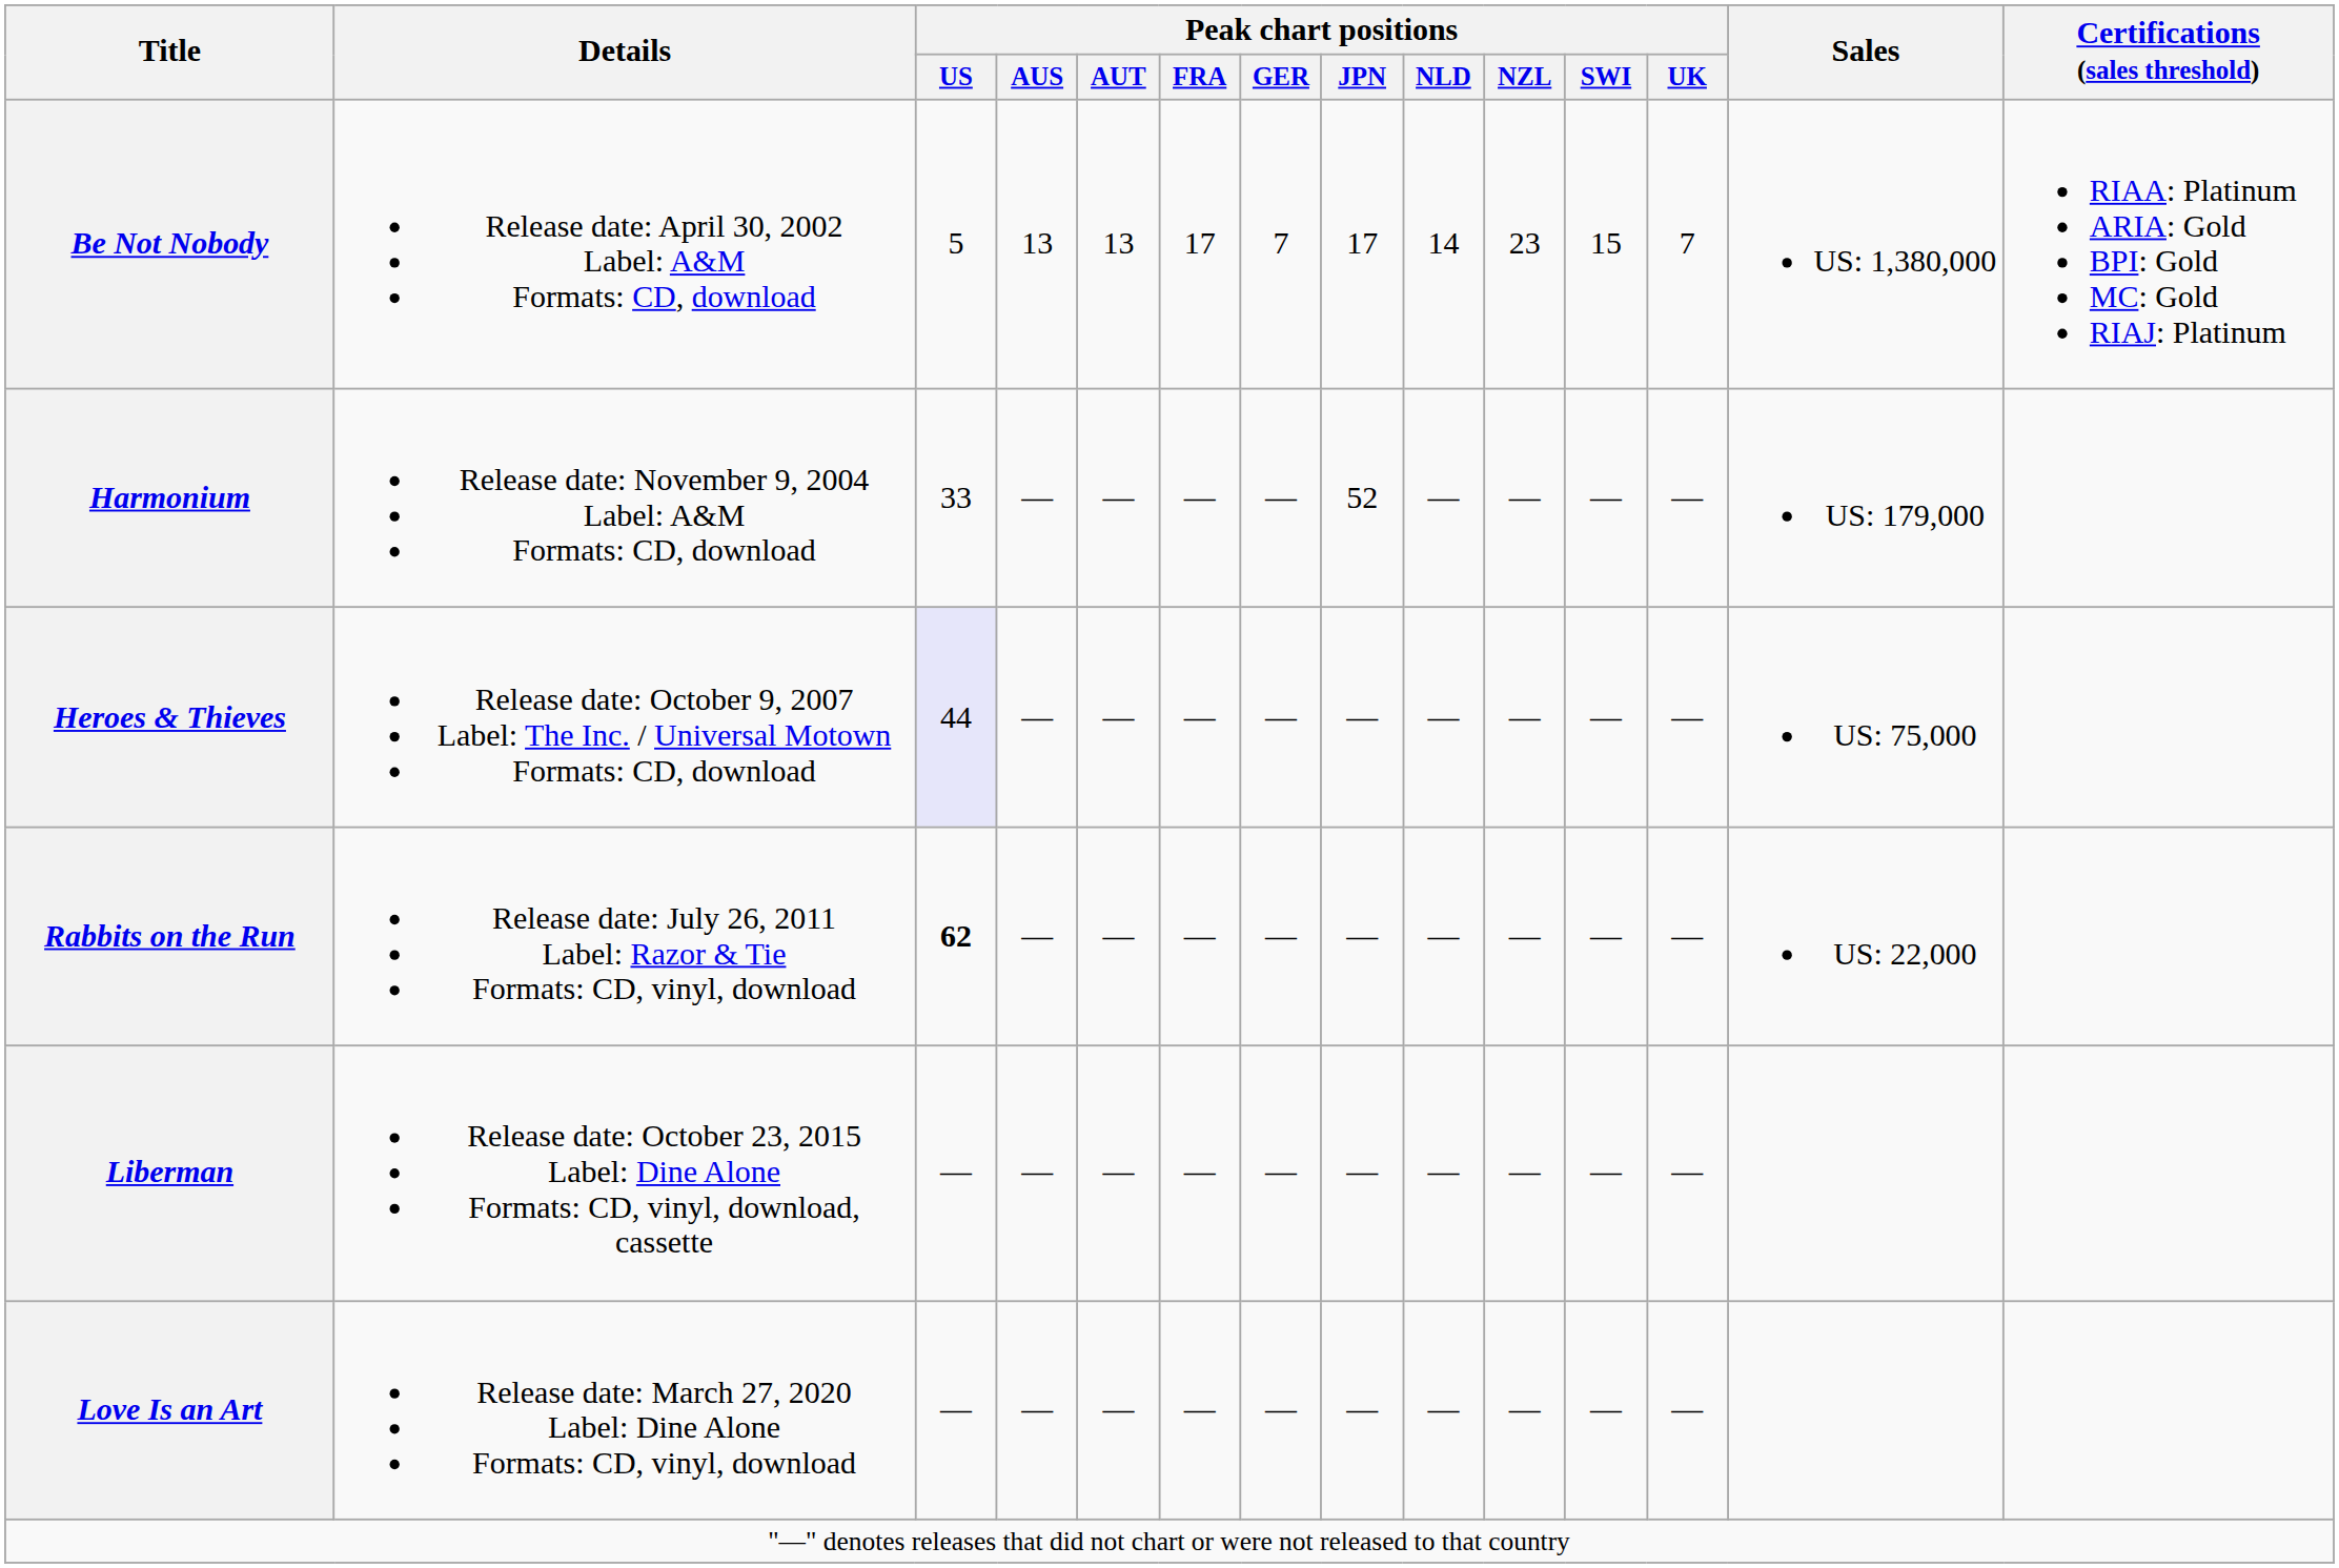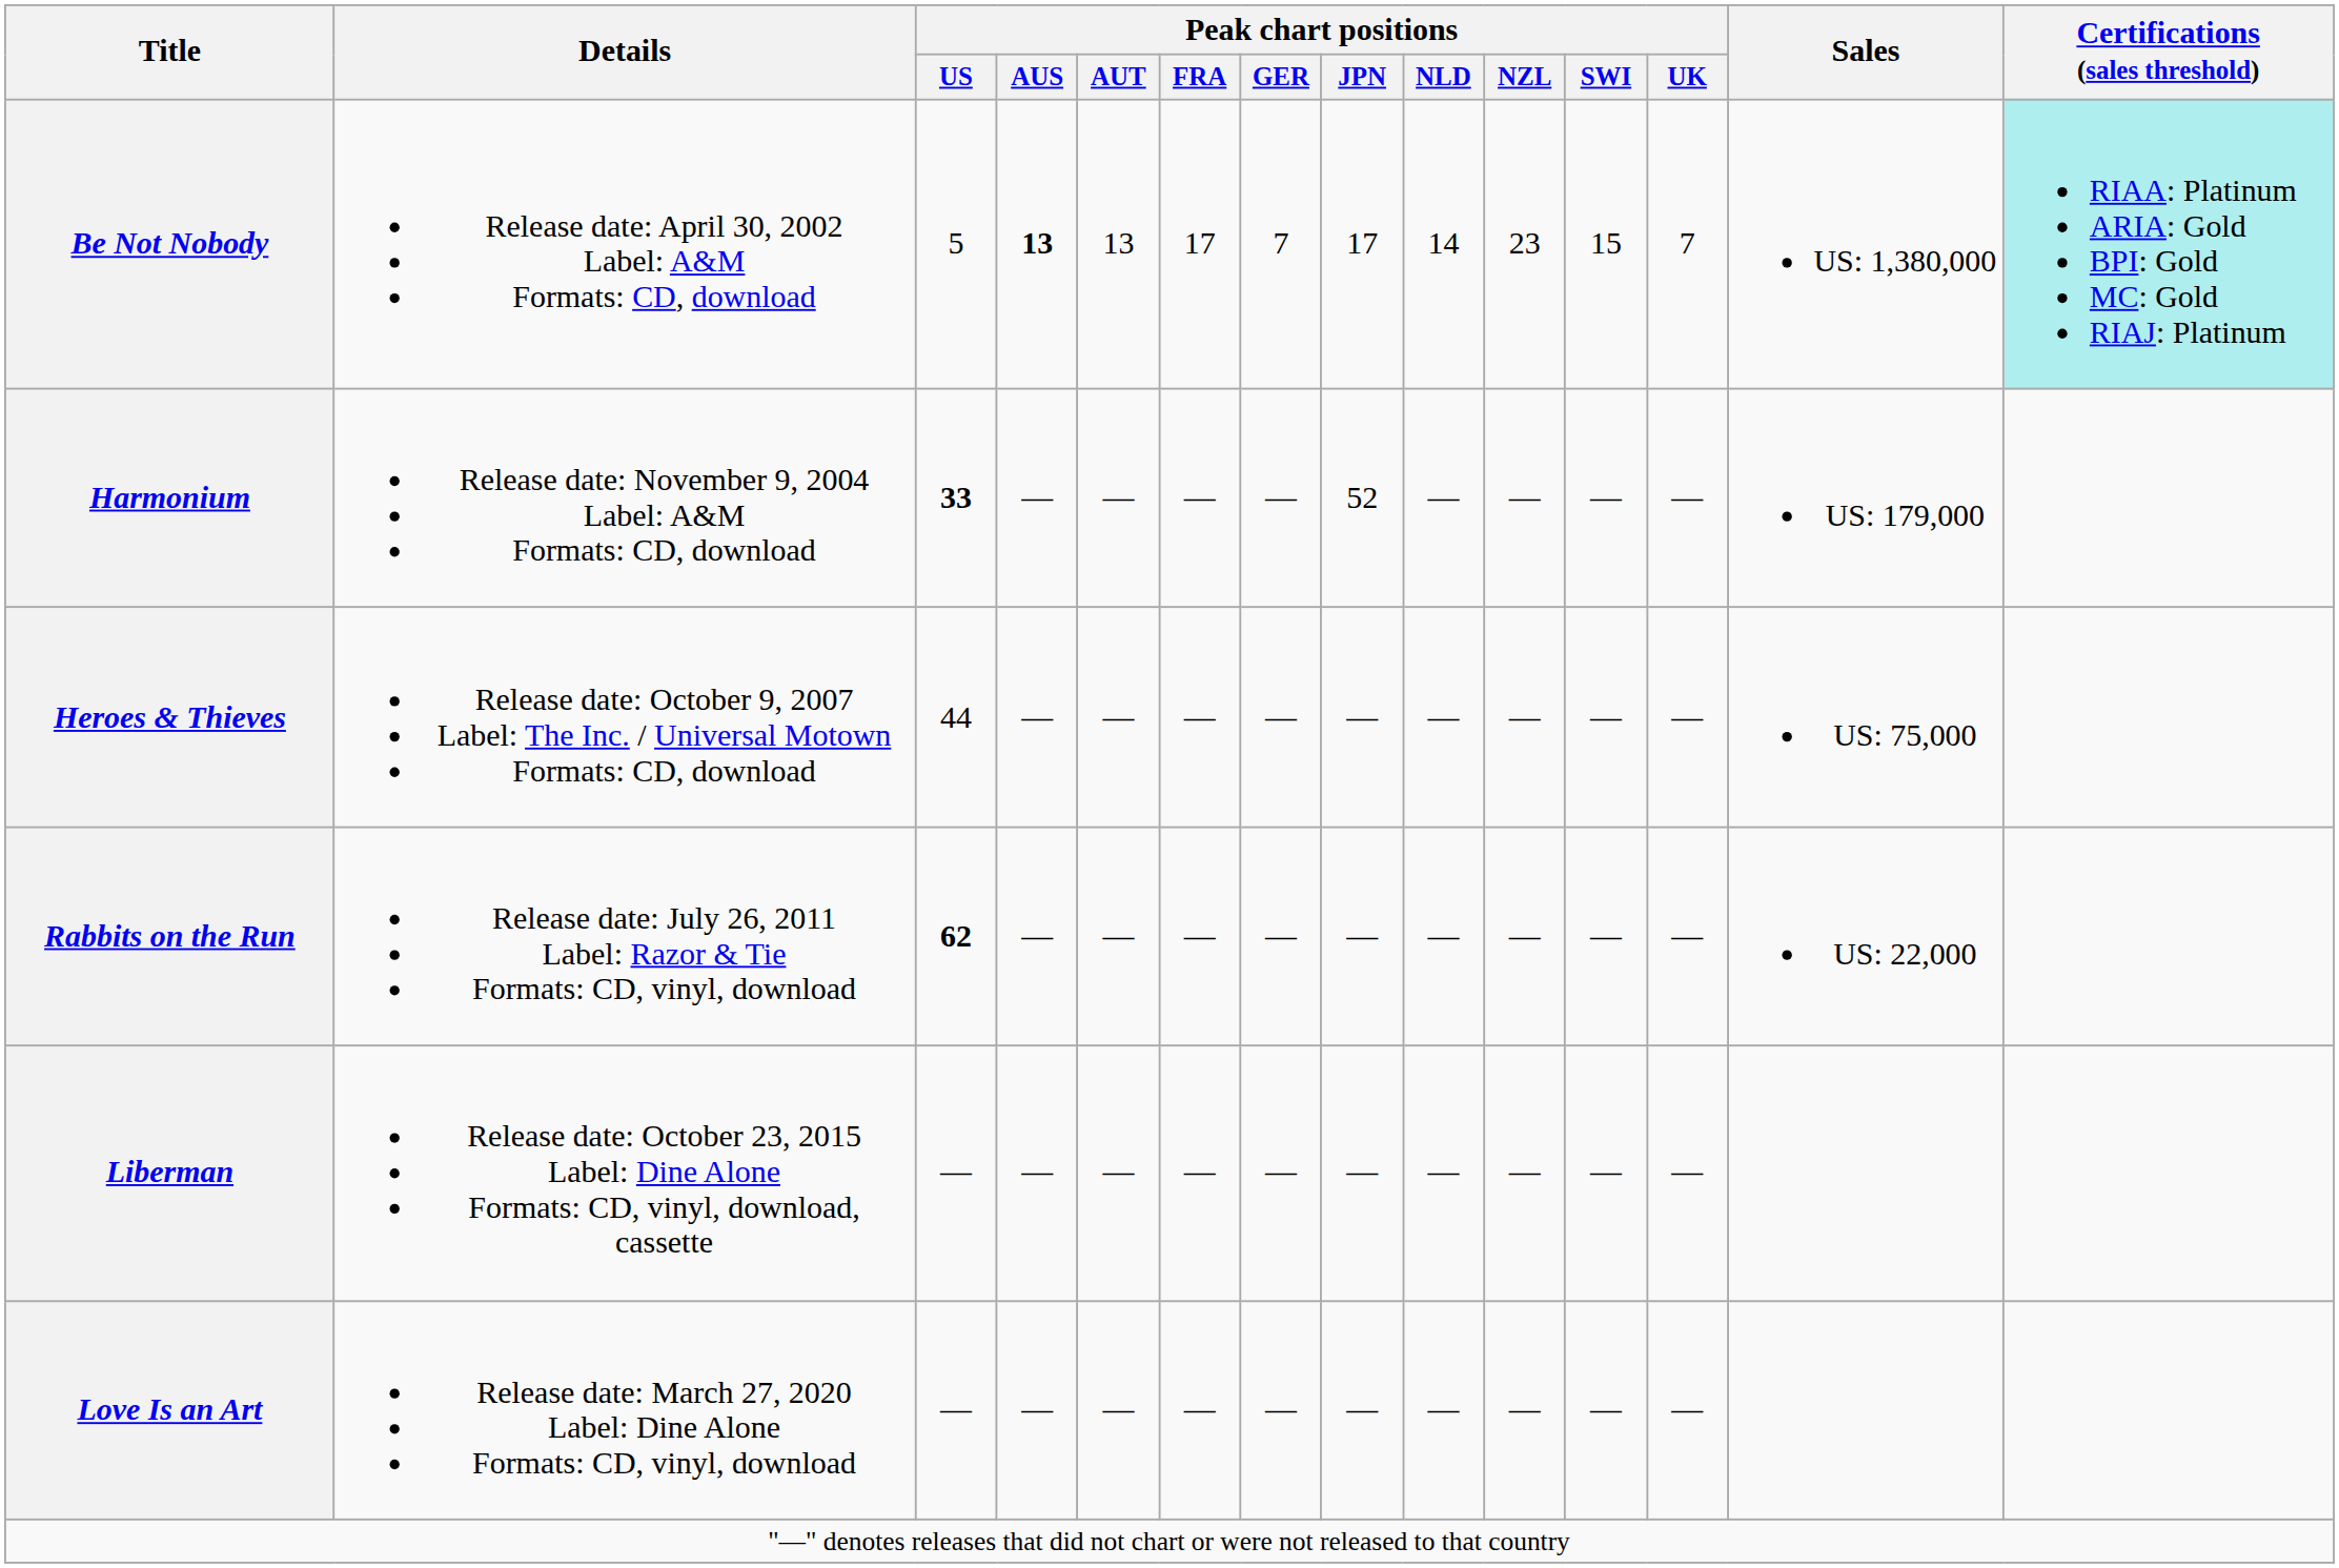 <table class="wikitable plainrowheaders" style="text-align:center;">
 <tr>
 <th rowspan="2" style="width:10em;">Title</th>
 <th rowspan="2" style="width:18em;">Details</th>
 <th colspan="10">Peak chart positions</th>
 <th rowspan="2">Sales</th>
 <th rowspan="2" style="width:10em;"><a href='#'>Certifications</a><br><small>(<a href='#'>sales threshold</a>)</small></th>
 </tr>
 <tr style="font-size:smaller;">
 <th style="width:35px;"><a href='#'>US</a><br></th>
 <th style="width:35px;"><a href='#'>AUS</a><br></th>
 <th style="width:35px;"><a href='#'>AUT</a><br></th>
 <th style="width:35px;"><a href='#'>FRA</a><br></th>
 <th style="width:35px;"><a href='#'>GER</a><br></th>
 <th style="width:35px;"><a href='#'>JPN</a><br></th>
 <th style="width:35px;"><a href='#'>NLD</a><br></th>
 <th style="width:35px;"><a href='#'>NZL</a><br></th>
 <th style="width:35px;"><a href='#'>SWI</a><br></th>
 <th style="width:35px;"><a href='#'>UK</a><br></th>
 </tr>
 <tr>
 <th scope="row"><em><a href='#'>Be Not Nobody</a></em></th>
 <td><br><ul><li>Release date: April 30, 2002</li><li>Label: <a href='#'>A&M</a></li><li>Formats: <a href='#'>CD</a>, <a href='#'>download</a></li></ul></td>
 <td>5</td>
-<td>13</td>
+<td><strong>13</strong></td>
 <td>13</td>
 <td>17</td>
 <td>7</td>
 <td>17</td>
 <td>14</td>
 <td>23</td>
 <td>15</td>
 <td>7</td>
 <td style="text-align:left;"><br><ul><li>US: 1,380,000</li></ul></td>
-<td style="text-align:left;"><br><ul><li><a href='#'>RIAA</a>: Platinum</li><li><a href='#'>ARIA</a>: Gold</li><li><a href='#'>BPI</a>: Gold</li><li><a href='#'>MC</a>: Gold</li><li><a href='#'>RIAJ</a>: Platinum</li></ul></td>
+<td style="background: paleturquoise; text-align:left;"><br><ul><li><a href='#'>RIAA</a>: Platinum</li><li><a href='#'>ARIA</a>: Gold</li><li><a href='#'>BPI</a>: Gold</li><li><a href='#'>MC</a>: Gold</li><li><a href='#'>RIAJ</a>: Platinum</li></ul></td>
 </tr>
 <tr>
 <th scope="row"><em><a href='#'>Harmonium</a></em></th>
 <td><br><ul><li>Release date: November 9, 2004</li><li>Label: A&M</li><li>Formats: CD, download</li></ul></td>
-<td>33</td>
+<td><strong>33</strong></td>
 <td>—</td>
 <td>—</td>
 <td>—</td>
 <td>—</td>
 <td>52</td>
 <td>—</td>
 <td>—</td>
 <td>—</td>
 <td>—</td>
 <td><br><ul><li>US: 179,000</li></ul></td>
 <td></td>
 </tr>
 <tr>
 <th scope="row"><em><a href='#'>Heroes & Thieves</a></em></th>
 <td><br><ul><li>Release date: October 9, 2007</li><li>Label: <a href='#'>The Inc.</a> / <a href='#'>Universal Motown</a></li><li>Formats: CD, download</li></ul></td>
-<td style="background: lavender;">44</td>
+<td>44</td>
 <td>—</td>
 <td>—</td>
 <td>—</td>
 <td>—</td>
 <td>—</td>
 <td>—</td>
 <td>—</td>
 <td>—</td>
 <td>—</td>
 <td><br><ul><li>US: 75,000</li></ul></td>
 <td></td>
 </tr>
 <tr>
 <th scope="row"><em><a href='#'>Rabbits on the Run</a></em></th>
 <td><br><ul><li>Release date: July 26, 2011</li><li>Label: <a href='#'>Razor & Tie</a></li><li>Formats: CD, vinyl, download</li></ul></td>
 <td><strong>62</strong></td>
 <td>—</td>
 <td>—</td>
 <td>—</td>
 <td>—</td>
 <td>—</td>
 <td>—</td>
 <td>—</td>
 <td>—</td>
 <td>—</td>
 <td><br><ul><li>US: 22,000</li></ul></td>
 <td></td>
 </tr>
 <tr>
 <th scope="row"><em><a href='#'>Liberman</a></em></th>
 <td><br><ul><li>Release date: October 23, 2015</li><li>Label: <a href='#'>Dine Alone</a></li><li>Formats: CD, vinyl, download, cassette</li></ul></td>
 <td>—</td>
 <td>—</td>
 <td>—</td>
 <td>—</td>
 <td>—</td>
 <td>—</td>
 <td>—</td>
 <td>—</td>
 <td>—</td>
 <td>—</td>
 <td></td>
 <td></td>
 </tr>
 <tr>
 <th scope="row"><em><a href='#'>Love Is an Art</a></em></th>
 <td><br><ul><li>Release date: March 27, 2020</li><li>Label: Dine Alone</li><li>Formats: CD, vinyl, download</li></ul></td>
 <td>—</td>
 <td>—</td>
 <td>—</td>
 <td>—</td>
 <td>—</td>
 <td>—</td>
 <td>—</td>
 <td>—</td>
 <td>—</td>
 <td>—</td>
 <td></td>
 <td></td>
 </tr>
 <tr>
 <td colspan="15" style="font-size:85%">"—" denotes releases that did not chart or were not released to that country</td>
 </tr>
 </table>
